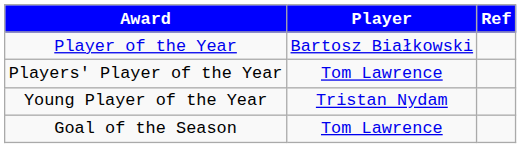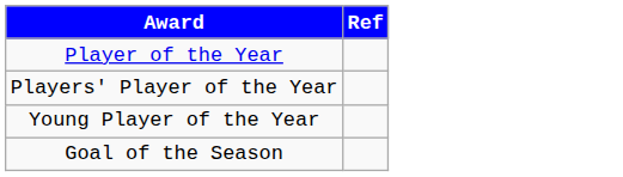 <table class="wikitable" style="text-align:center">
 <tr>
 <th style="background:blue; color:white; width=0%">Award</th>
-<th style="background:blue; color:white; width=0%">Player</th>
 <th style="background:blue; color:white; width=0%">Ref</th>
 </tr>
 <tr>
 <td><a href='#'>Player of the Year</a></td>
-<td> <a href='#'>Bartosz Białkowski</a></td>
 <td></td>
 </tr>
 <tr>
 <td>Players' Player of the Year</td>
-<td> <a href='#'>Tom Lawrence</a></td>
 <td></td>
 </tr>
 <tr>
 <td>Young Player of the Year</td>
-<td> <a href='#'>Tristan Nydam</a></td>
 <td></td>
 </tr>
 <tr>
 <td>Goal of the Season</td>
-<td> <a href='#'>Tom Lawrence</a></td>
 <td></td>
 </tr>
 </table>
